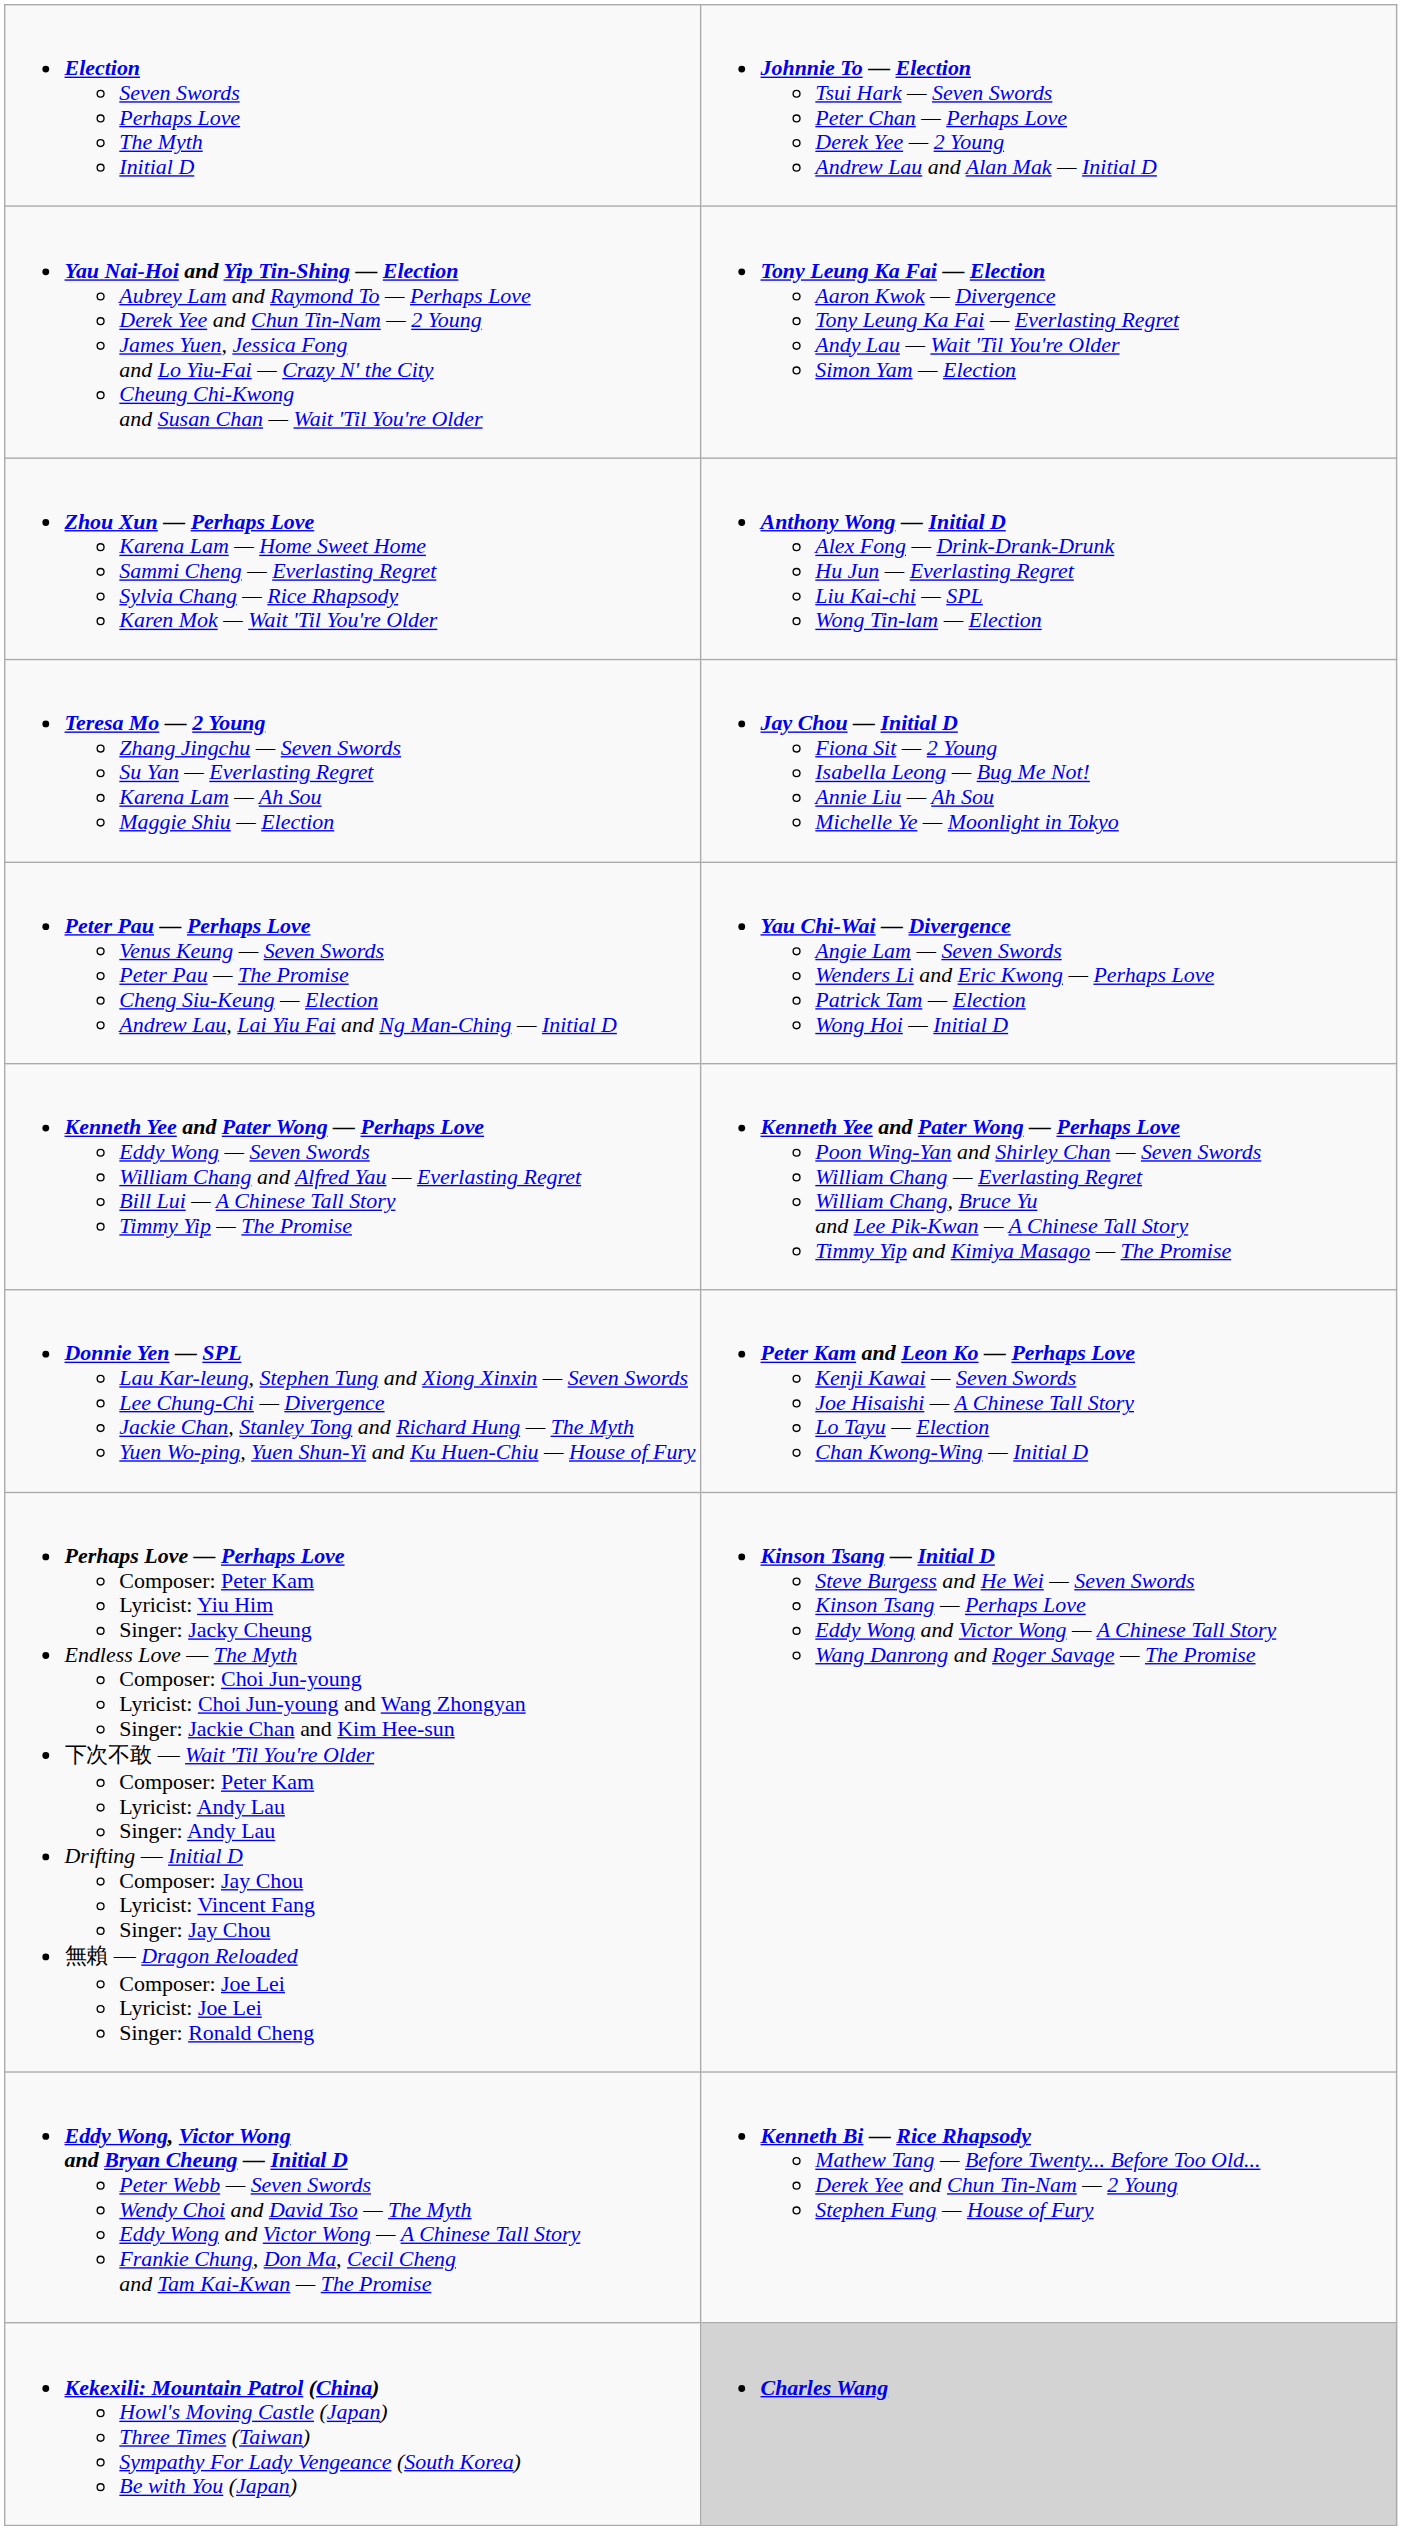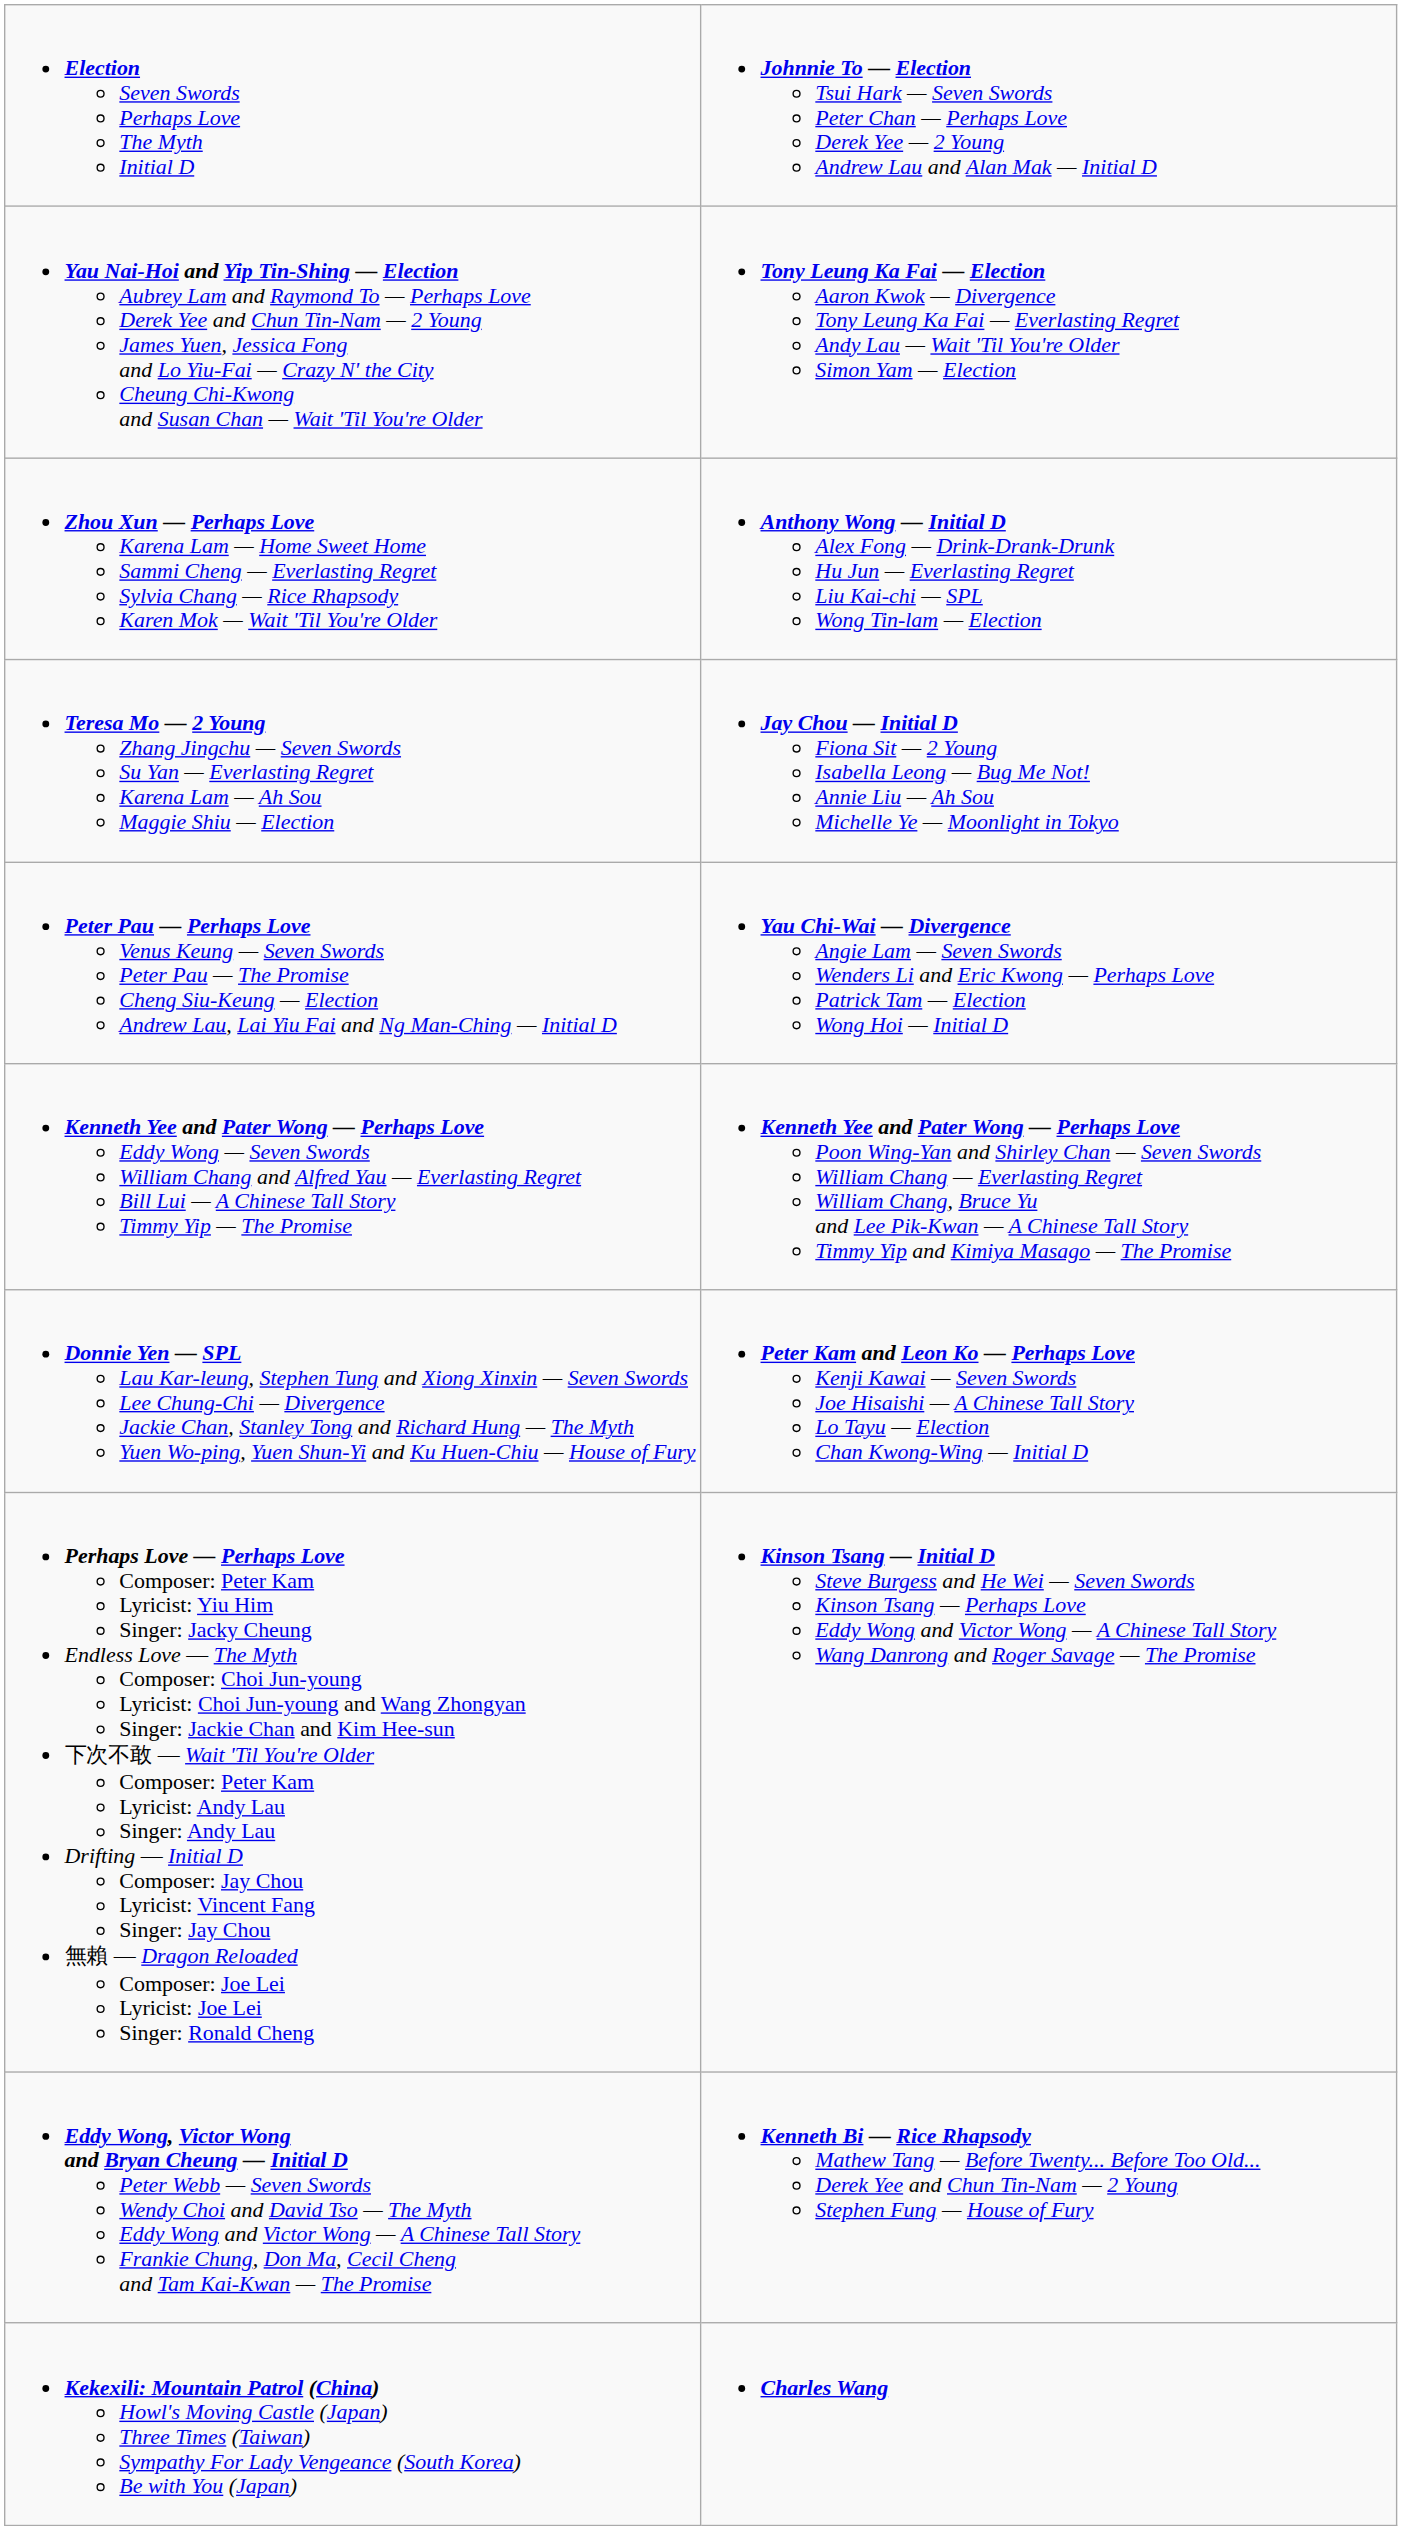 <table class=wikitable>
 <tr>
 <td valign="top" width="50%"><br><ul><li><strong><em><a href='#'>Election</a></em></strong><ul><li><em><a href='#'>Seven Swords</a></em></li><li><em><a href='#'>Perhaps Love</a></em></li><li><em><a href='#'>The Myth</a></em></li><li><em><a href='#'>Initial D</a></em></li></ul></li></ul></td>
 <td valign="top" width="50%"><br><ul><li><strong><em><a href='#'>Johnnie To</a> — <a href='#'>Election</a></em></strong><ul><li><em><a href='#'>Tsui Hark</a> — <a href='#'>Seven Swords</a></em></li><li><em><a href='#'>Peter Chan</a> — <a href='#'>Perhaps Love</a></em></li><li><em><a href='#'>Derek Yee</a> — <a href='#'>2 Young</a></em></li><li><em><a href='#'>Andrew Lau</a> and <a href='#'>Alan Mak</a> — <a href='#'>Initial D</a></em></li></ul></li></ul></td>
 </tr>
 <tr>
 <td valign="top" width="50%"><br><ul><li><strong><em><a href='#'>Yau Nai-Hoi</a> and <a href='#'>Yip Tin-Shing</a> — <a href='#'>Election</a></em></strong><ul><li><em><a href='#'>Aubrey Lam</a> and <a href='#'>Raymond To</a> — <a href='#'>Perhaps Love</a></em></li><li><em><a href='#'>Derek Yee</a> and <a href='#'>Chun Tin-Nam</a> — <a href='#'>2 Young</a></em></li><li><em><a href='#'>James Yuen</a>, <a href='#'>Jessica Fong</a> <br> and <a href='#'>Lo Yiu-Fai</a> — <a href='#'>Crazy N' the City</a></em></li><li><em><a href='#'>Cheung Chi-Kwong</a> <br> and <a href='#'>Susan Chan</a> — <a href='#'>Wait 'Til You're Older</a></em></li></ul></li></ul></td>
 <td valign="top" width="50%"><br><ul><li><strong><em><a href='#'>Tony Leung Ka Fai</a> — <a href='#'>Election</a></em></strong><ul><li><em><a href='#'>Aaron Kwok</a> — <a href='#'>Divergence</a></em></li><li><em><a href='#'>Tony Leung Ka Fai</a> — <a href='#'>Everlasting Regret</a></em></li><li><em><a href='#'>Andy Lau</a> — <a href='#'>Wait 'Til You're Older</a></em></li><li><em><a href='#'>Simon Yam</a> — <a href='#'>Election</a></em></li></ul></li></ul></td>
 </tr>
 <tr>
 <td valign="top" width="50%"><br><ul><li><strong><em><a href='#'>Zhou Xun</a> — <a href='#'>Perhaps Love</a></em></strong><ul><li><em><a href='#'>Karena Lam</a> — <a href='#'>Home Sweet Home</a></em></li><li><em><a href='#'>Sammi Cheng</a> — <a href='#'>Everlasting Regret</a></em></li><li><em><a href='#'>Sylvia Chang</a> — <a href='#'>Rice Rhapsody</a></em></li><li><em><a href='#'>Karen Mok</a> — <a href='#'>Wait 'Til You're Older</a></em></li></ul></li></ul></td>
 <td valign="top" width="50%"><br><ul><li><strong><em><a href='#'>Anthony Wong</a> — <a href='#'>Initial D</a></em></strong><ul><li><em><a href='#'>Alex Fong</a> — <a href='#'>Drink-Drank-Drunk</a></em></li><li><em><a href='#'>Hu Jun</a> — <a href='#'>Everlasting Regret</a></em></li><li><em><a href='#'>Liu Kai-chi</a> — <a href='#'>SPL</a></em></li><li><em><a href='#'>Wong Tin-lam</a> — <a href='#'>Election</a></em></li></ul></li></ul></td>
 </tr>
 <tr>
 <td valign="top" width="50%"><br><ul><li><strong><em><a href='#'>Teresa Mo</a> — <a href='#'>2 Young</a></em></strong><ul><li><em><a href='#'>Zhang Jingchu</a> — <a href='#'>Seven Swords</a></em></li><li><em><a href='#'>Su Yan</a> — <a href='#'>Everlasting Regret</a></em></li><li><em><a href='#'>Karena Lam</a> — <a href='#'>Ah Sou</a></em></li><li><em><a href='#'>Maggie Shiu</a> — <a href='#'>Election</a></em></li></ul></li></ul></td>
 <td valign="top" width="50%"><br><ul><li><strong><em><a href='#'>Jay Chou</a> — <a href='#'>Initial D</a></em></strong><ul><li><em><a href='#'>Fiona Sit</a> — <a href='#'>2 Young</a></em></li><li><em><a href='#'>Isabella Leong</a> — <a href='#'>Bug Me Not!</a></em></li><li><em><a href='#'>Annie Liu</a> — <a href='#'>Ah Sou</a></em></li><li><em><a href='#'>Michelle Ye</a> — <a href='#'>Moonlight in Tokyo</a></em></li></ul></li></ul></td>
 </tr>
 <tr>
 <td valign="top" width="50%"><br><ul><li><strong><em><a href='#'>Peter Pau</a> — <a href='#'>Perhaps Love</a></em></strong><ul><li><em><a href='#'>Venus Keung</a> — <a href='#'>Seven Swords</a></em></li><li><em><a href='#'>Peter Pau</a> — <a href='#'>The Promise</a></em></li><li><em><a href='#'>Cheng Siu-Keung</a> — <a href='#'>Election</a></em></li><li><em><a href='#'>Andrew Lau</a>, <a href='#'>Lai Yiu Fai</a> and <a href='#'>Ng Man-Ching</a> — <a href='#'>Initial D</a></em></li></ul></li></ul></td>
 <td valign="top" width="50%"><br><ul><li><strong><em><a href='#'>Yau Chi-Wai</a> — <a href='#'>Divergence</a></em></strong><ul><li><em><a href='#'>Angie Lam</a> — <a href='#'>Seven Swords</a></em></li><li><em><a href='#'>Wenders Li</a> and <a href='#'>Eric Kwong</a> — <a href='#'>Perhaps Love</a></em></li><li><em><a href='#'>Patrick Tam</a> — <a href='#'>Election</a></em></li><li><em><a href='#'>Wong Hoi</a> — <a href='#'>Initial D</a></em></li></ul></li></ul></td>
 </tr>
 <tr>
 <td valign="top" width="50%"><br><ul><li><strong><em><a href='#'>Kenneth Yee</a> and <a href='#'>Pater Wong</a> — <a href='#'>Perhaps Love</a></em></strong><ul><li><em><a href='#'>Eddy Wong</a> — <a href='#'>Seven Swords</a></em></li><li><em><a href='#'>William Chang</a> and <a href='#'>Alfred Yau</a> — <a href='#'>Everlasting Regret</a></em></li><li><em><a href='#'>Bill Lui</a> — <a href='#'>A Chinese Tall Story</a></em></li><li><em><a href='#'>Timmy Yip</a> — <a href='#'>The Promise</a></em></li></ul></li></ul></td>
 <td valign="top" width="50%"><br><ul><li><strong><em><a href='#'>Kenneth Yee</a> and <a href='#'>Pater Wong</a> — <a href='#'>Perhaps Love</a></em></strong><ul><li><em><a href='#'>Poon Wing-Yan</a> and <a href='#'>Shirley Chan</a> — <a href='#'>Seven Swords</a></em></li><li><em><a href='#'>William Chang</a> — <a href='#'>Everlasting Regret</a></em></li><li><em><a href='#'>William Chang</a>, <a href='#'>Bruce Yu</a> <br> and <a href='#'>Lee Pik-Kwan</a> — <a href='#'>A Chinese Tall Story</a></em></li><li><em><a href='#'>Timmy Yip</a> and <a href='#'>Kimiya Masago</a> — <a href='#'>The Promise</a></em></li></ul></li></ul></td>
 </tr>
 <tr>
 <td valign="top" width="50%"><br><ul><li><strong><em><a href='#'>Donnie Yen</a> — <a href='#'>SPL</a></em></strong><ul><li><em><a href='#'>Lau Kar-leung</a>, <a href='#'>Stephen Tung</a> and <a href='#'>Xiong Xinxin</a> — <a href='#'>Seven Swords</a></em></li><li><em><a href='#'>Lee Chung-Chi</a> — <a href='#'>Divergence</a></em></li><li><em><a href='#'>Jackie Chan</a>, <a href='#'>Stanley Tong</a> and <a href='#'>Richard Hung</a> — <a href='#'>The Myth</a></em></li><li><em><a href='#'>Yuen Wo-ping</a>, <a href='#'>Yuen Shun-Yi</a> and <a href='#'>Ku Huen-Chiu</a> — <a href='#'>House of Fury</a></em></li></ul></li></ul></td>
 <td valign="top" width="50%"><br><ul><li><strong><em><a href='#'>Peter Kam</a> and <a href='#'>Leon Ko</a> — <a href='#'>Perhaps Love</a></em></strong><ul><li><em><a href='#'>Kenji Kawai</a> — <a href='#'>Seven Swords</a></em></li><li><em><a href='#'>Joe Hisaishi</a> — <a href='#'>A Chinese Tall Story</a></em></li><li><em><a href='#'>Lo Tayu</a> — <a href='#'>Election</a></em></li><li><em><a href='#'>Chan Kwong-Wing</a> — <a href='#'>Initial D</a></em></li></ul></li></ul></td>
 </tr>
 <tr>
 <td valign="top" width="50%"><br><ul><li><strong><em>Perhaps Love — <a href='#'>Perhaps Love</a></em></strong><ul><li>Composer: <a href='#'>Peter Kam</a></li><li>Lyricist: <a href='#'>Yiu Him</a></li><li>Singer: <a href='#'>Jacky Cheung</a></li></ul></li><li><em>Endless Love</em> — <em><a href='#'>The Myth</a></em><ul><li>Composer: <a href='#'>Choi Jun-young</a></li><li>Lyricist: <a href='#'>Choi Jun-young</a> and <a href='#'>Wang Zhongyan</a></li><li>Singer: <a href='#'>Jackie Chan</a> and <a href='#'>Kim Hee-sun</a></li></ul></li><li>下次不敢 — <em><a href='#'>Wait 'Til You're Older</a></em><ul><li>Composer: <a href='#'>Peter Kam</a></li><li>Lyricist: <a href='#'>Andy Lau</a></li><li>Singer: <a href='#'>Andy Lau</a></li></ul></li><li><em>Drifting</em> — <em><a href='#'>Initial D</a></em><ul><li>Composer: <a href='#'>Jay Chou</a></li><li>Lyricist: <a href='#'>Vincent Fang</a></li><li>Singer: <a href='#'>Jay Chou</a></li></ul></li><li>無賴 — <em><a href='#'>Dragon Reloaded</a></em><ul><li>Composer: <a href='#'>Joe Lei</a></li><li>Lyricist: <a href='#'>Joe Lei</a></li><li>Singer: <a href='#'>Ronald Cheng</a></li></ul></li></ul></td>
 <td valign="top" width="50%"><br><ul><li><strong><em><a href='#'>Kinson Tsang</a> — <a href='#'>Initial D</a></em></strong><ul><li><em><a href='#'>Steve Burgess</a> and <a href='#'>He Wei</a> — <a href='#'>Seven Swords</a></em></li><li><em><a href='#'>Kinson Tsang</a> — <a href='#'>Perhaps Love</a></em></li><li><em><a href='#'>Eddy Wong</a> and <a href='#'>Victor Wong</a> — <a href='#'>A Chinese Tall Story</a></em></li><li><em><a href='#'>Wang Danrong</a> and <a href='#'>Roger Savage</a> — <a href='#'>The Promise</a></em></li></ul></li></ul></td>
 </tr>
 <tr>
 <td valign="top" width="50%"><br><ul><li><strong><em><a href='#'>Eddy Wong</a>, <a href='#'>Victor Wong</a> <br> and <a href='#'>Bryan Cheung</a> — <a href='#'>Initial D</a></em></strong><ul><li><em><a href='#'>Peter Webb</a> — <a href='#'>Seven Swords</a></em></li><li><em><a href='#'>Wendy Choi</a> and <a href='#'>David Tso</a> — <a href='#'>The Myth</a></em></li><li><em><a href='#'>Eddy Wong</a> and <a href='#'>Victor Wong</a> — <a href='#'>A Chinese Tall Story</a></em></li><li><em><a href='#'>Frankie Chung</a>, <a href='#'>Don Ma</a>, <a href='#'>Cecil Cheng</a> <br> and <a href='#'>Tam Kai-Kwan</a> — <a href='#'>The Promise</a></em></li></ul></li></ul></td>
 <td valign="top" width="50%"><br><ul><li><strong><em><a href='#'>Kenneth Bi</a> — <a href='#'>Rice Rhapsody</a></em></strong><ul><li><em><a href='#'>Mathew Tang</a> — <a href='#'>Before Twenty... Before Too Old...</a></em></li><li><em><a href='#'>Derek Yee</a> and <a href='#'>Chun Tin-Nam</a> — <a href='#'>2 Young</a></em></li><li><em><a href='#'>Stephen Fung</a> — <a href='#'>House of Fury</a></em></li></ul></li></ul></td>
 </tr>
 <tr>
 <td valign="top" width="50%"><br><ul><li><strong><em><a href='#'>Kekexili: Mountain Patrol</a> (<a href='#'>China</a>)</em></strong><ul><li><em><a href='#'>Howl's Moving Castle</a> (<a href='#'>Japan</a>)</em></li><li><em><a href='#'>Three Times</a> (<a href='#'>Taiwan</a>)</em></li><li><em><a href='#'>Sympathy For Lady Vengeance</a> (<a href='#'>South Korea</a>)</em></li><li><em><a href='#'>Be with You</a> (<a href='#'>Japan</a>)</em></li></ul></li></ul></td>
-<td valign="top" width="50%" style="background: lightgrey;"><br><ul><li><strong><em><a href='#'>Charles Wang</a> </em></strong></li></ul></td>
+<td valign="top" width="50%"><br><ul><li><strong><em><a href='#'>Charles Wang</a> </em></strong></li></ul></td>
 </tr>
 </table>
